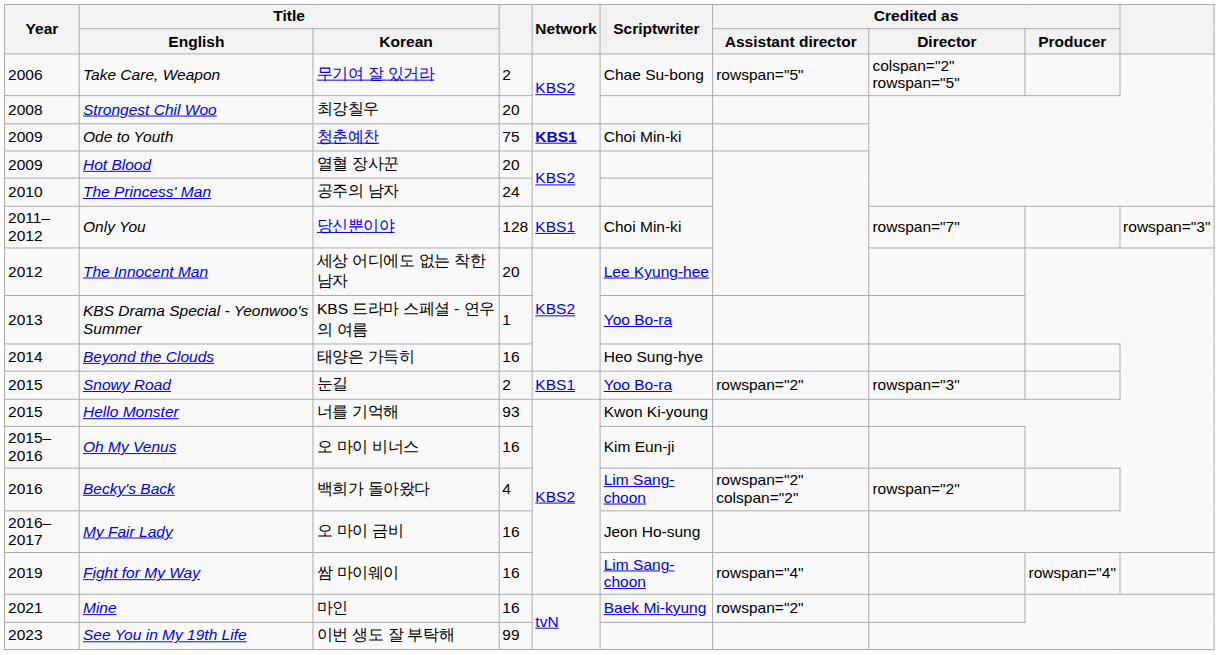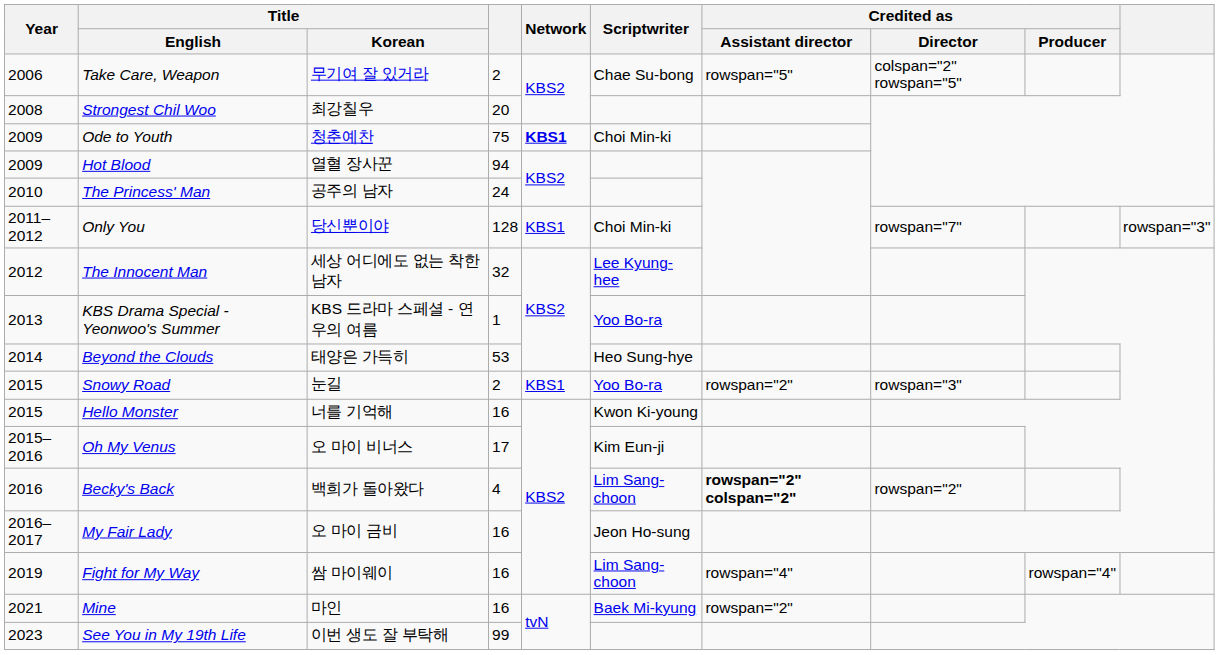 <table class="wikitable">
 <tr>
 <th rowspan="2">Year</th>
 <th colspan="2">Title</th>
 <th rowspan="2"></th>
 <th rowspan="2">Network</th>
 <th rowspan="2">Scriptwriter</th>
 <th colspan="3">Credited as</th>
 <th rowspan="2" class="unsortable"></th>
 </tr>
 <tr>
 <th>English</th>
 <th>Korean</th>
 <th>Assistant director</th>
 <th>Director</th>
 <th>Producer</th>
 </tr>
 <tr>
 <td>2006</td>
 <td><em>Take Care, Weapon</em></td>
 <td><a href='#'>무기여 잘 있거라</a></td>
 <td>2</td>
 <td rowspan="2"><a href='#'>KBS2</a></td>
 <td>Chae Su-bong</td>
 <td>rowspan="5" </td>
 <td>colspan="2" rowspan="5" </td>
 <td></td>
 </tr>
 <tr>
 <td>2008</td>
 <td><em><a href='#'>Strongest Chil Woo</a></em></td>
 <td>최강칠우</td>
 <td>20</td>
 <td></td>
 <td></td>
 </tr>
 <tr>
 <td>2009</td>
 <td><em>Ode to Youth</em></td>
 <td><a href='#'>청춘예찬</a></td>
 <td>75</td>
 <td><strong><a href='#'>KBS1</a></strong></td>
 <td>Choi Min-ki</td>
 <td></td>
 </tr>
 <tr>
 <td>2009</td>
 <td><em><a href='#'>Hot Blood</a></em></td>
 <td>열혈 장사꾼</td>
-<td>20</td>
+<td>94</td>
 <td rowspan="2"><a href='#'>KBS2</a></td>
 <td></td>
 <td rowspan="4"></td>
 </tr>
 <tr>
 <td>2010</td>
 <td><em><a href='#'>The Princess' Man</a></em></td>
 <td>공주의 남자</td>
 <td>24</td>
 <td></td>
 </tr>
 <tr>
 <td>2011–2012</td>
 <td><em>Only You</em></td>
 <td><a href='#'>당신뿐이야</a></td>
 <td>128</td>
 <td><a href='#'>KBS1</a></td>
 <td>Choi Min-ki</td>
 <td>rowspan="7" </td>
 <td></td>
 <td>rowspan="3" </td>
 </tr>
 <tr>
 <td>2012</td>
 <td><em><a href='#'>The Innocent Man</a></em></td>
 <td>세상 어디에도 없는 착한남자</td>
-<td>20</td>
+<td>32</td>
 <td rowspan="3"><a href='#'>KBS2</a></td>
 <td><a href='#'>Lee Kyung-hee</a></td>
 <td></td>
 </tr>
 <tr>
 <td>2013</td>
 <td><em>KBS Drama Special - Yeonwoo's Summer</em></td>
 <td>KBS 드라마 스페셜 - 연우의 여름</td>
 <td>1</td>
 <td><a href='#'>Yoo Bo-ra</a></td>
 <td></td>
 <td></td>
 </tr>
 <tr>
 <td>2014</td>
 <td><em><a href='#'>Beyond the Clouds</a></em></td>
 <td>태양은 가득히</td>
-<td>16</td>
+<td>53</td>
 <td>Heo Sung-hye</td>
 <td></td>
 <td></td>
 <td></td>
 </tr>
 <tr>
 <td>2015</td>
 <td><em><a href='#'>Snowy Road</a></em></td>
 <td>눈길</td>
 <td>2</td>
 <td><a href='#'>KBS1</a></td>
 <td><a href='#'>Yoo Bo-ra</a></td>
 <td>rowspan="2" </td>
 <td>rowspan="3" </td>
 <td></td>
 </tr>
 <tr>
 <td>2015</td>
 <td><em><a href='#'>Hello Monster</a></em></td>
 <td>너를 기억해</td>
-<td>93</td>
+<td>16</td>
 <td rowspan="5"><a href='#'>KBS2</a></td>
 <td>Kwon Ki-young</td>
 <td></td>
 </tr>
 <tr>
 <td>2015–2016</td>
 <td><em><a href='#'>Oh My Venus</a></em></td>
 <td>오 마이 비너스</td>
-<td>16</td>
+<td>17</td>
 <td>Kim Eun-ji</td>
 <td></td>
 <td></td>
 </tr>
 <tr>
 <td>2016</td>
 <td><em><a href='#'>Becky's Back</a></em></td>
 <td>백희가 돌아왔다</td>
 <td>4</td>
 <td><a href='#'>Lim Sang-choon</a></td>
-<td>rowspan="2" colspan="2"</td>
+<td><strong>rowspan="2" colspan="2"</strong></td>
 <td>rowspan="2" </td>
 <td></td>
 </tr>
 <tr>
 <td>2016–2017</td>
 <td><em><a href='#'>My Fair Lady</a></em></td>
 <td>오 마이 금비</td>
 <td>16</td>
 <td>Jeon Ho-sung</td>
 <td></td>
 </tr>
 <tr>
 <td>2019</td>
 <td><em><a href='#'>Fight for My Way</a></em></td>
 <td>쌈 마이웨이</td>
 <td>16</td>
 <td><a href='#'>Lim Sang-choon</a></td>
 <td>rowspan="4" </td>
 <td></td>
 <td>rowspan="4" </td>
 <td></td>
 </tr>
 <tr>
 <td>2021</td>
 <td><em><a href='#'>Mine</a></em></td>
 <td>마인</td>
 <td>16</td>
 <td rowspan="2"><a href='#'>tvN</a></td>
 <td><a href='#'>Baek Mi-kyung</a></td>
 <td>rowspan="2" </td>
 <td></td>
 </tr>
 <tr>
 <td>2023</td>
 <td><em><a href='#'>See You in My 19th Life</a></em></td>
 <td>이번 생도 잘 부탁해</td>
 <td>99</td>
 <td></td>
 <td></td>
 </tr>
 </table>
